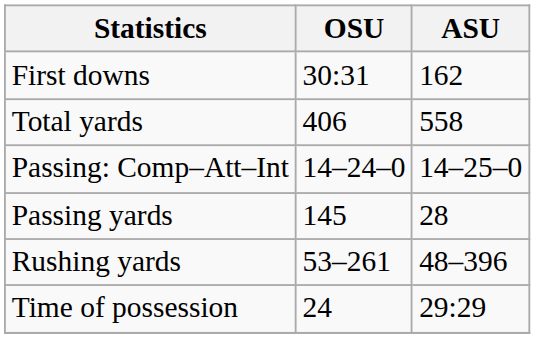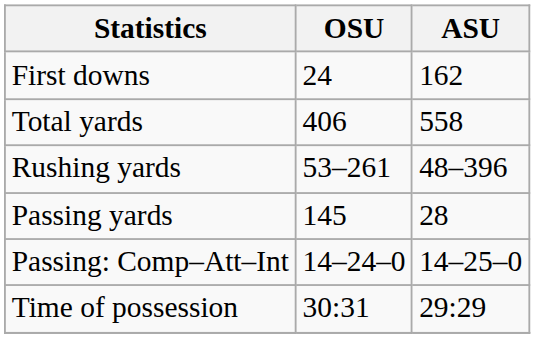 <table class="wikitable" style="float: left;">
 <tr>
 <th>Statistics</th>
 <th>OSU</th>
 <th>ASU</th>
 </tr>
 <tr>
 <td>First downs</td>
-<td>30:31</td>
+<td>24</td>
 <td>162</td>
 </tr>
 <tr>
 <td>Total yards</td>
 <td>406</td>
 <td>558</td>
 </tr>
 <tr>
-<td>Passing: Comp–Att–Int</td>
-<td>14–24–0</td>
-<td>14–25–0</td>
+<td>Rushing yards</td>
+<td>53–261</td>
+<td>48–396</td>
 </tr>
 <tr>
 <td>Passing yards</td>
 <td>145</td>
 <td>28</td>
 </tr>
 <tr>
-<td>Rushing yards</td>
-<td>53–261</td>
-<td>48–396</td>
+<td>Passing: Comp–Att–Int</td>
+<td>14–24–0</td>
+<td>14–25–0</td>
 </tr>
 <tr>
 <td>Time of possession</td>
-<td>24</td>
+<td>30:31</td>
 <td>29:29</td>
 </tr>
 <tr>
 </tr>
 </table>
